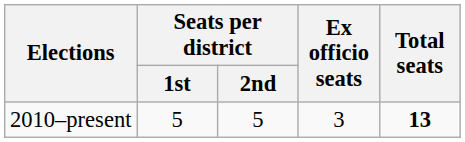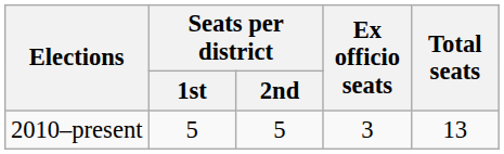 <table class="wikitable" style="text-align:center;">
 <tr>
 <th rowspan="2">Elections</th>
 <th colspan="2">Seats per district</th>
 <th rowspan="2" width="50px">Ex officio seats</th>
 <th rowspan="2" width="50px">Total seats</th>
 </tr>
 <tr>
 <th width="50px">1st</th>
 <th width="50px">2nd</th>
 </tr>
 <tr>
 <td>2010–present</td>
 <td>5</td>
 <td>5</td>
 <td>3</td>
-<td><strong>13</strong></td>
+<td>13</td>
 </tr>
 </table>
